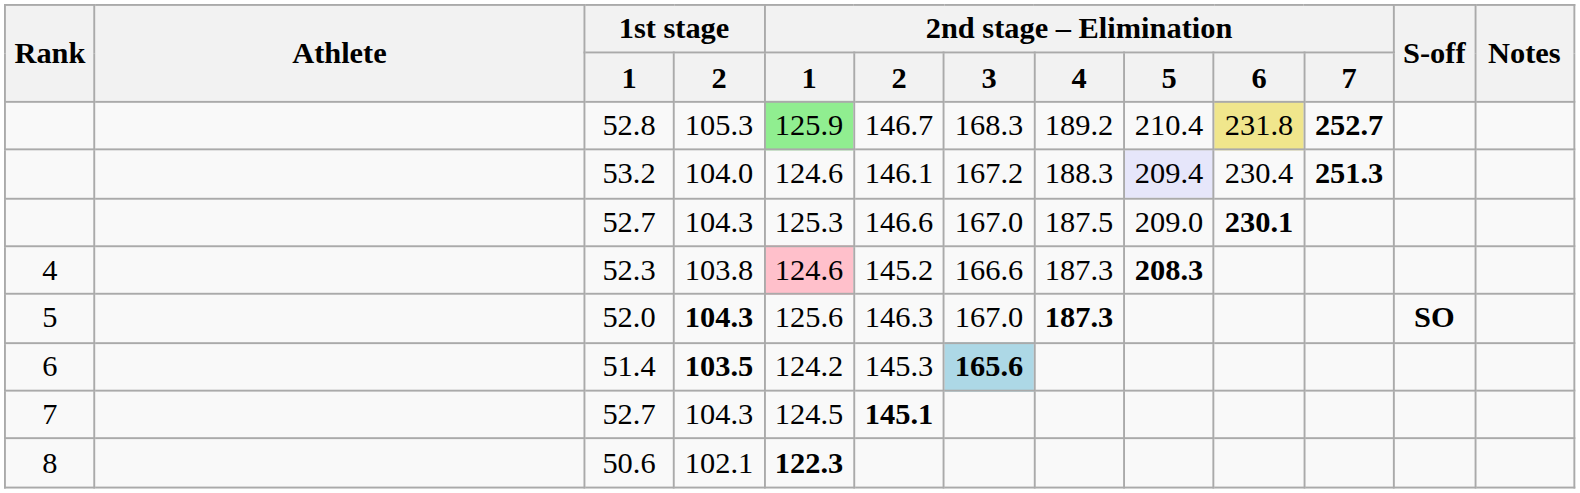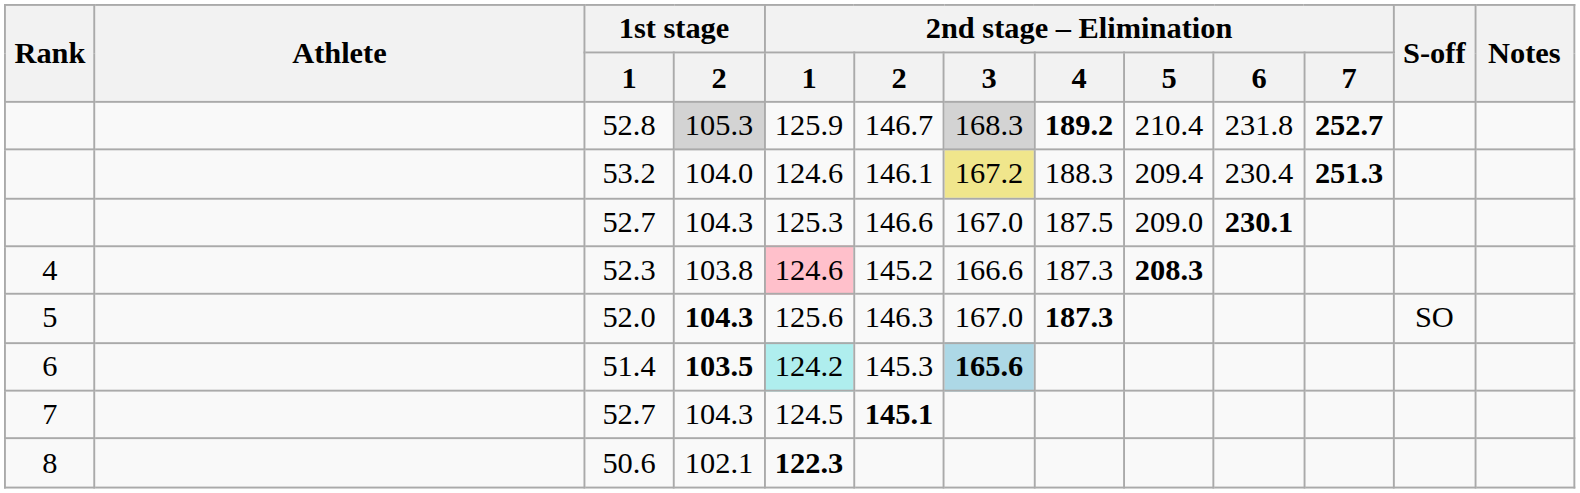 <table class="wikitable" style="text-align:center">
 <tr>
 <th rowspan=2 width=40>Rank</th>
 <th rowspan=2 width=250>Athlete</th>
 <th colspan=2>1st stage</th>
 <th colspan=7>2nd stage – Elimination</th>
 <th rowspan=2 width=35>S-off</th>
 <th rowspan=2 width=45>Notes</th>
 </tr>
 <tr>
 <th width=40>1</th>
 <th width=40>2</th>
 <th width=40>1</th>
 <th width=40>2</th>
 <th width=40>3</th>
 <th width=40>4</th>
 <th width=40>5</th>
 <th width=40>6</th>
 <th width=40>7</th>
 </tr>
 <tr>
 <td></td>
 <td align=left></td>
 <td>52.8</td>
-<td>105.3</td>
-<td style="background: lightgreen;">125.9</td>
+<td style="background: lightgrey;">105.3</td>
+<td>125.9</td>
 <td>146.7</td>
-<td>168.3</td>
-<td>189.2</td>
+<td style="background: lightgrey;">168.3</td>
+<td><strong>189.2</strong></td>
 <td>210.4</td>
-<td style="background: khaki;">231.8</td>
+<td>231.8</td>
 <td><strong>252.7</strong></td>
 <td></td>
 <td></td>
 </tr>
 <tr>
 <td></td>
 <td align=left></td>
 <td>53.2</td>
 <td>104.0</td>
 <td>124.6</td>
 <td>146.1</td>
-<td>167.2</td>
+<td style="background: khaki;">167.2</td>
 <td>188.3</td>
-<td style="background: lavender;">209.4</td>
+<td>209.4</td>
 <td>230.4</td>
 <td><strong>251.3</strong></td>
 <td></td>
 <td></td>
 </tr>
 <tr>
 <td></td>
 <td align=left></td>
 <td>52.7</td>
 <td>104.3</td>
 <td>125.3</td>
 <td>146.6</td>
 <td>167.0</td>
 <td>187.5</td>
 <td>209.0</td>
 <td><strong>230.1</strong></td>
 <td></td>
 <td></td>
 <td></td>
 </tr>
 <tr>
 <td>4</td>
 <td align=left></td>
 <td>52.3</td>
 <td>103.8</td>
 <td style="background: pink;">124.6</td>
 <td>145.2</td>
 <td>166.6</td>
 <td>187.3</td>
 <td><strong>208.3</strong></td>
 <td></td>
 <td></td>
 <td></td>
 <td></td>
 </tr>
 <tr>
 <td>5</td>
 <td align=left></td>
 <td>52.0</td>
 <td><strong>104.3</strong></td>
 <td>125.6</td>
 <td>146.3</td>
 <td>167.0</td>
 <td><strong>187.3</strong></td>
 <td></td>
 <td></td>
 <td></td>
-<td><strong>SO</strong></td>
+<td>SO</td>
 <td></td>
 </tr>
 <tr>
 <td>6</td>
 <td align=left></td>
 <td>51.4</td>
 <td><strong>103.5</strong></td>
-<td>124.2</td>
+<td style="background: paleturquoise;">124.2</td>
 <td>145.3</td>
 <td style="background: lightblue;"><strong>165.6</strong></td>
 <td></td>
 <td></td>
 <td></td>
 <td></td>
 <td></td>
 <td></td>
 </tr>
 <tr>
 <td>7</td>
 <td align=left></td>
 <td>52.7</td>
 <td>104.3</td>
 <td>124.5</td>
 <td><strong>145.1</strong></td>
 <td></td>
 <td></td>
 <td></td>
 <td></td>
 <td></td>
 <td></td>
 <td></td>
 </tr>
 <tr>
 <td>8</td>
 <td align=left></td>
 <td>50.6</td>
 <td>102.1</td>
 <td><strong>122.3</strong></td>
 <td></td>
 <td></td>
 <td></td>
 <td></td>
 <td></td>
 <td></td>
 <td></td>
 <td></td>
 </tr>
 </table>
